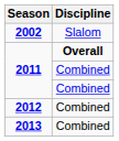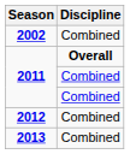 <table class="wikitable">
 <tr>
 <th>Season</th>
 <th>Discipline</th>
 </tr>
 <tr>
 <td align=center><strong><a href='#'>2002</a></strong></td>
-<td align=center><a href='#'>Slalom</a></td>
+<td align=center>Combined </td>
 </tr>
 <tr>
 <td rowspan=3 align=center><strong><a href='#'>2011</a></strong></td>
 <td align=center><strong>Overall</strong></td>
 </tr>
 <tr>
 <td align=center><a href='#'>Combined</a></td>
 </tr>
 <tr>
 <td align=center><a href='#'>Combined</a></td>
 </tr>
 <tr>
 <td align=center><strong><a href='#'>2012</a></strong></td>
 <td align=center>Combined</td>
 </tr>
 <tr>
 <td align=center><strong><a href='#'>2013</a></strong></td>
 <td align=center>Combined </td>
 </tr>
 </table>
